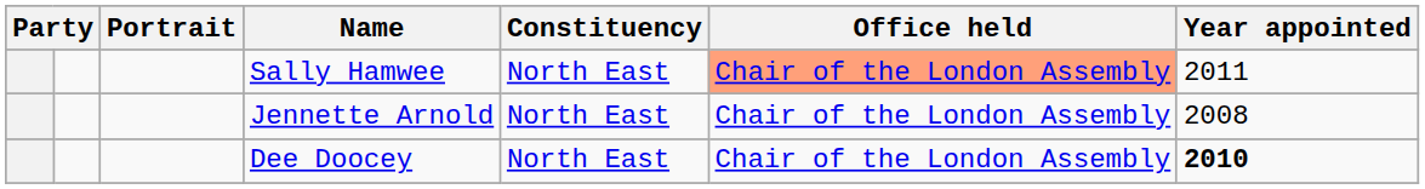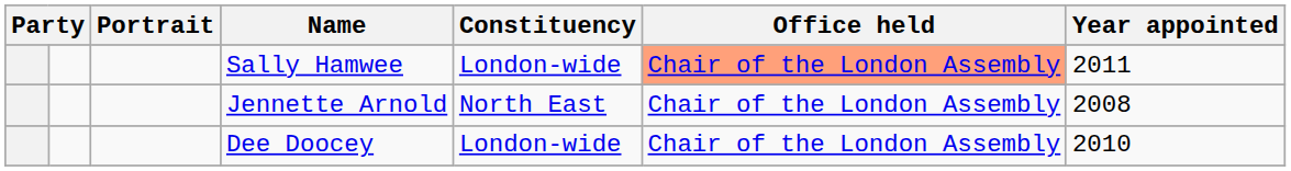 <table class="wikitable sortable">
 <tr>
 <th colspan=2>Party</th>
 <th>Portrait</th>
 <th>Name</th>
 <th>Constituency</th>
 <th>Office held</th>
 <th>Year appointed</th>
 </tr>
 <tr>
 <th style="background-color: "></th>
 <td></td>
 <td></td>
 <td><a href='#'>Sally Hamwee</a></td>
-<td><a href='#'>North East</a></td>
+<td><a href='#'>London-wide</a></td>
 <td style="background: lightsalmon;"><a href='#'>Chair of the London Assembly</a></td>
 <td>2011</td>
 </tr>
 <tr>
 <th style="background-color: "></th>
 <td></td>
 <td></td>
 <td><a href='#'>Jennette Arnold</a></td>
 <td><a href='#'>North East</a></td>
 <td><a href='#'>Chair of the London Assembly</a></td>
 <td>2008</td>
 </tr>
 <tr>
 <th style="background-color: "></th>
 <td></td>
 <td></td>
 <td><a href='#'>Dee Doocey</a></td>
-<td><a href='#'>North East</a></td>
+<td><a href='#'>London-wide</a></td>
 <td><a href='#'>Chair of the London Assembly</a></td>
-<td><strong>2010</strong></td>
+<td>2010</td>
 </tr>
 </table>
